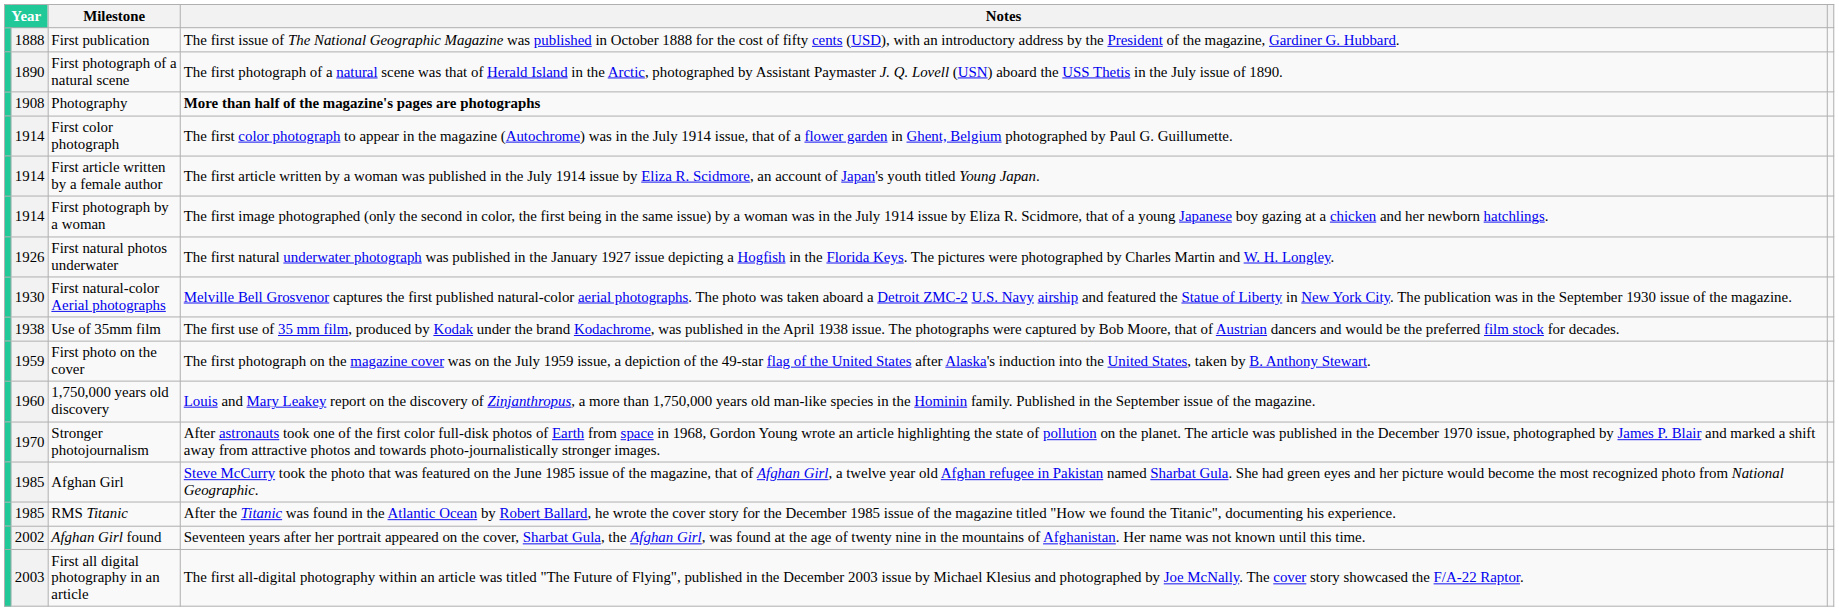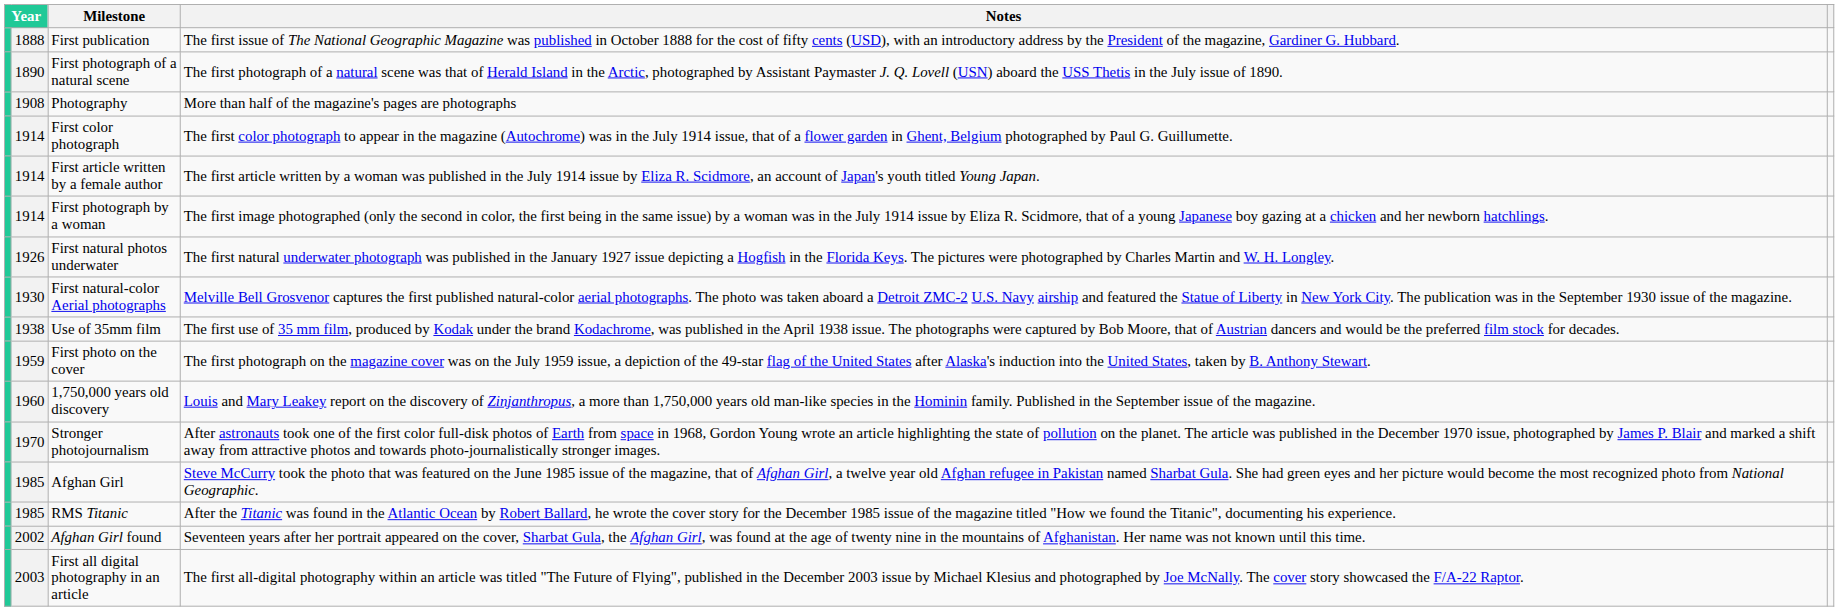 <table class="wikitable sortable">
 <tr>
 <th scope="col" colspan="2" style="background-color:#20c997; color:#fff;">Year</th>
 <th scope="col">Milestone</th>
 <th scope="col">Notes</th>
 <th scope="col"></th>
 </tr>
 <tr>
 <td scope="row" style="background-color:#20c997; border-right:none;"></td>
 <th style="font-weight:normal;">1888</th>
 <td style="width:135px;">First publication</td>
 <td>The first issue of <em>The National Geographic Magazine</em> was <a href='#'>published</a> in October 1888 for the cost of fifty <a href='#'>cents</a> (<a href='#'>USD</a>), with an introductory address by the <a href='#'>President</a> of the magazine, <a href='#'>Gardiner G. Hubbard</a>.</td>
 <td></td>
 </tr>
 <tr>
 <td scope="row" style="background-color:#20c997; border-right:none;"></td>
 <th style="font-weight:normal;">1890</th>
 <td>First photograph of a natural scene</td>
 <td>The first photograph of a <a href='#'>natural</a> scene was that of <a href='#'>Herald Island</a> in the <a href='#'>Arctic</a>, photographed by Assistant Paymaster <em>J. Q. Lovell</em> (<a href='#'>USN</a>) aboard the <a href='#'>USS Thetis</a> in the July issue of 1890.</td>
 <td></td>
 </tr>
 <tr>
 <td scope="row" style="background-color:#20c997; border-right:none;"></td>
 <th style="font-weight:normal;">1908</th>
 <td>Photography</td>
-<td><strong>More than half of the magazine's pages are photographs</strong></td>
+<td>More than half of the magazine's pages are photographs</td>
 <td></td>
 </tr>
 <tr>
 <td scope="row" style="background-color:#20c997; border-right:none;"></td>
 <th style="font-weight:normal;">1914</th>
 <td>First color photograph</td>
 <td>The first <a href='#'>color photograph</a> to appear in the magazine (<a href='#'>Autochrome</a>) was in the July 1914 issue, that of a <a href='#'>flower garden</a> in <a href='#'>Ghent, Belgium</a> photographed by Paul G. Guillumette.</td>
 <td></td>
 </tr>
 <tr>
 <td scope="row" style="background-color:#20c997; border-right:none;"></td>
 <th style="font-weight:normal;">1914</th>
 <td>First article written by a female author</td>
 <td>The first article written by a woman was published in the July 1914 issue by <a href='#'>Eliza R. Scidmore</a>, an account of <a href='#'>Japan</a>'s youth titled <em>Young Japan</em>.</td>
 <td></td>
 </tr>
 <tr>
 <td scope="row" style="background-color:#20c997; border-right:none;"></td>
 <th style="font-weight:normal;">1914</th>
 <td>First photograph by a woman</td>
 <td>The first image photographed (only the second in color, the first being in the same issue) by a woman was in the July 1914 issue by Eliza R. Scidmore, that of a young <a href='#'>Japanese</a> boy gazing at a <a href='#'>chicken</a> and her newborn <a href='#'>hatchlings</a>.</td>
 <td></td>
 </tr>
 <tr>
 <td scope="row" style="background-color:#20c997; border-right:none;"></td>
 <th style="font-weight:normal;">1926</th>
 <td>First natural photos underwater</td>
 <td>The first natural <a href='#'>underwater photograph</a> was published in the January 1927 issue depicting a <a href='#'>Hogfish</a> in the <a href='#'>Florida Keys</a>. The pictures were photographed by Charles Martin and <a href='#'>W. H. Longley</a>.</td>
 <td></td>
 </tr>
 <tr>
 <td scope="row" style="background-color:#20c997; border-right:none;"></td>
 <th style="font-weight:normal;">1930</th>
 <td>First natural-color <a href='#'>Aerial photographs</a></td>
 <td><a href='#'>Melville Bell Grosvenor</a> captures the first published natural-color <a href='#'>aerial photographs</a>. The photo was taken aboard a <a href='#'>Detroit ZMC-2</a> <a href='#'>U.S. Navy</a> <a href='#'>airship</a> and featured the <a href='#'>Statue of Liberty</a> in <a href='#'>New York City</a>. The publication was in the September 1930 issue of the magazine.</td>
 <td></td>
 </tr>
 <tr>
 <td scope="row" style="background-color:#20c997; border-right:none;"></td>
 <th style="font-weight:normal;">1938</th>
 <td>Use of 35mm film</td>
 <td>The first use of <a href='#'>35 mm film</a>, produced by <a href='#'>Kodak</a> under the brand <a href='#'>Kodachrome</a>, was published in the April 1938 issue. The photographs were captured by Bob Moore, that of <a href='#'>Austrian</a> dancers and would be the preferred <a href='#'>film stock</a> for decades.</td>
 <td></td>
 </tr>
 <tr>
 <td scope="row" style="background-color:#20c997; border-right:none;"></td>
 <th style="font-weight:normal;">1959</th>
 <td>First photo on the cover</td>
 <td>The first photograph on the <a href='#'>magazine cover</a> was on the July 1959 issue, a depiction of the 49-star <a href='#'>flag of the United States</a> after <a href='#'>Alaska</a>'s induction into the <a href='#'>United States</a>, taken by <a href='#'>B. Anthony Stewart</a>.</td>
 <td></td>
 </tr>
 <tr>
 <td scope="row" style="background-color:#20c997; border-right:none;"></td>
 <th style="font-weight:normal;">1960</th>
 <td>1,750,000 years old discovery</td>
 <td><a href='#'>Louis</a> and <a href='#'>Mary Leakey</a> report on the discovery of <em><a href='#'>Zinjanthropus</a></em>, a more than 1,750,000 years old man-like species in the <a href='#'>Hominin</a> family. Published in the September issue of the magazine.</td>
 <td></td>
 </tr>
 <tr>
 <td scope="row" style="background-color:#20c997; border-right:none;"></td>
 <th style="font-weight:normal;">1970</th>
 <td>Stronger photojournalism</td>
 <td>After <a href='#'>astronauts</a> took one of the first color full-disk photos of <a href='#'>Earth</a> from <a href='#'>space</a> in 1968, Gordon Young wrote an article highlighting the state of <a href='#'>pollution</a> on the planet. The article was published in the December 1970 issue, photographed by <a href='#'>James P. Blair</a> and marked a shift away from attractive photos and towards photo-journalistically stronger images.</td>
 <td></td>
 </tr>
 <tr>
 <td scope="row" style="background-color:#20c997; border-right:none;"></td>
 <th style="font-weight:normal;">1985</th>
 <td>Afghan Girl</td>
 <td><a href='#'>Steve McCurry</a> took the photo that was featured on the June 1985 issue of the magazine, that of <em><a href='#'>Afghan Girl</a></em>, a twelve year old <a href='#'>Afghan refugee in Pakistan</a> named <a href='#'>Sharbat Gula</a>. She had green eyes and her picture would become the most recognized photo from <em>National Geographic</em>.</td>
 <td></td>
 </tr>
 <tr>
 <td scope="row" style="background-color:#20c997; border-right:none;"></td>
 <th style="font-weight:normal;">1985</th>
 <td>RMS <em>Titanic</em></td>
 <td>After the <em><a href='#'>Titanic</a></em> was found in the <a href='#'>Atlantic Ocean</a> by <a href='#'>Robert Ballard</a>, he wrote the cover story for the December 1985 issue of the magazine titled "How we found the Titanic", documenting his experience.</td>
 <td></td>
 </tr>
 <tr>
 <td scope="row" style="background-color:#20c997; border-right:none;"></td>
 <th style="font-weight:normal;">2002</th>
 <td><em>Afghan Girl</em> found</td>
 <td>Seventeen years after her portrait appeared on the cover, <a href='#'>Sharbat Gula</a>, the <em><a href='#'>Afghan Girl</a></em>, was found at the age of twenty nine in the mountains of <a href='#'>Afghanistan</a>. Her name was not known until this time.</td>
 <td></td>
 </tr>
 <tr>
 <td scope="row" style="background-color:#20c997; border-right:none;"></td>
 <th style="font-weight:normal;">2003</th>
 <td>First all digital photography in an article</td>
 <td>The first all-digital photography within an article was titled "The Future of Flying", published in the December 2003 issue by Michael Klesius and photographed by <a href='#'>Joe McNally</a>. The <a href='#'>cover</a> story showcased the <a href='#'>F/A-22 Raptor</a>.</td>
 <td><br></td>
 </tr>
 </table>
